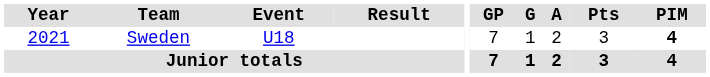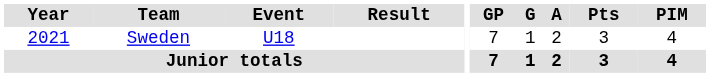 <table border="0" cellpadding="1" cellspacing="0" ID="Table3" style="text-align:center; width:40em">
 <tr bgcolor="#e0e0e0">
 <th>Year</th>
 <th>Team</th>
 <th>Event</th>
 <th>Result</th>
 <th rowspan="99" bgcolor="#ffffff"></th>
 <th>GP</th>
 <th>G</th>
 <th>A</th>
 <th>Pts</th>
 <th>PIM</th>
 </tr>
 <tr>
 <td><a href='#'>2021</a></td>
 <td><a href='#'>Sweden</a></td>
 <td><a href='#'>U18</a></td>
 <td></td>
 <td>7</td>
 <td>1</td>
 <td>2</td>
 <td>3</td>
-<td><strong>4</strong></td>
+<td>4</td>
 </tr>
 <tr bgcolor="#e0e0e0">
 <th colspan="4">Junior totals</th>
 <th>7</th>
 <th>1</th>
 <th>2</th>
 <th>3</th>
 <th>4</th>
 </tr>
 </table>
